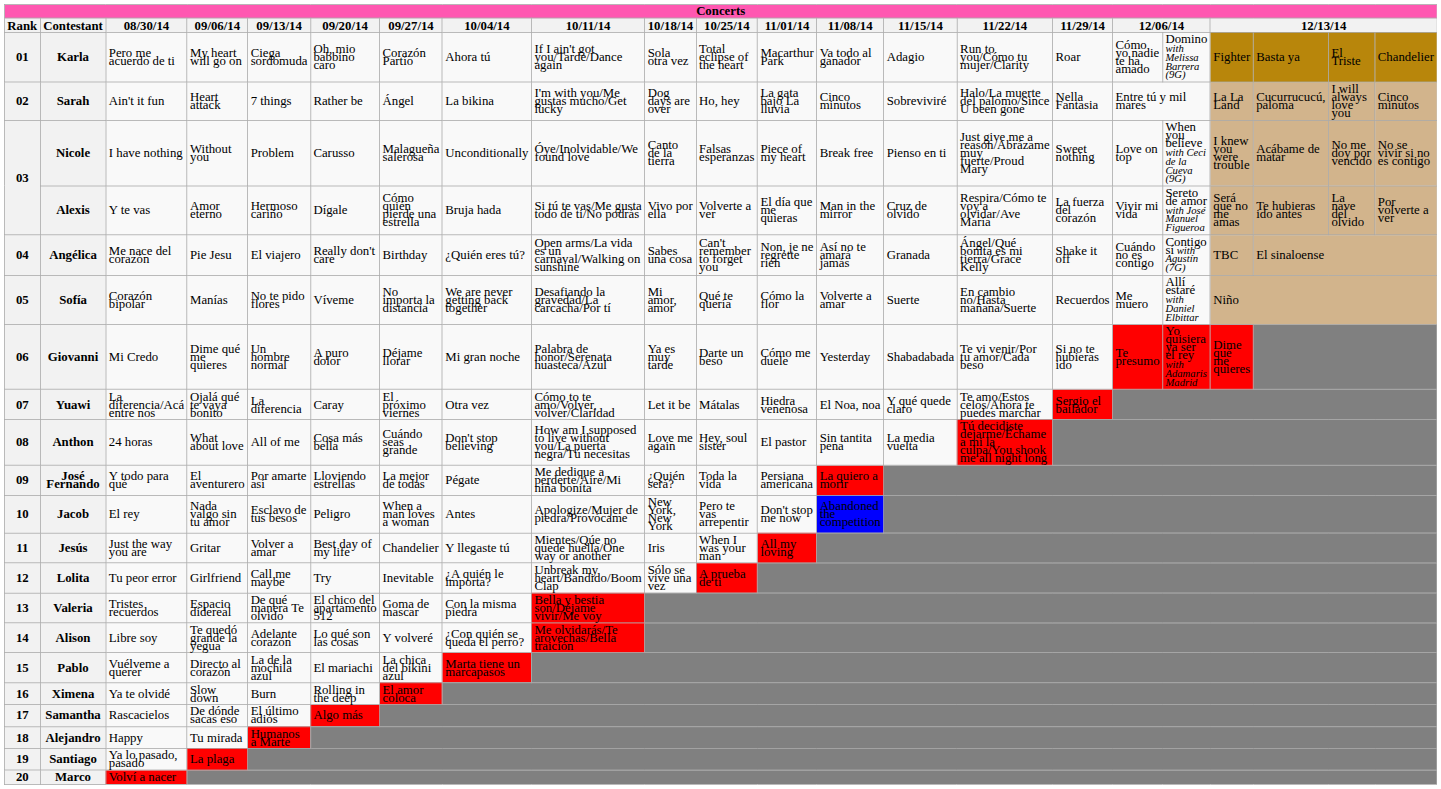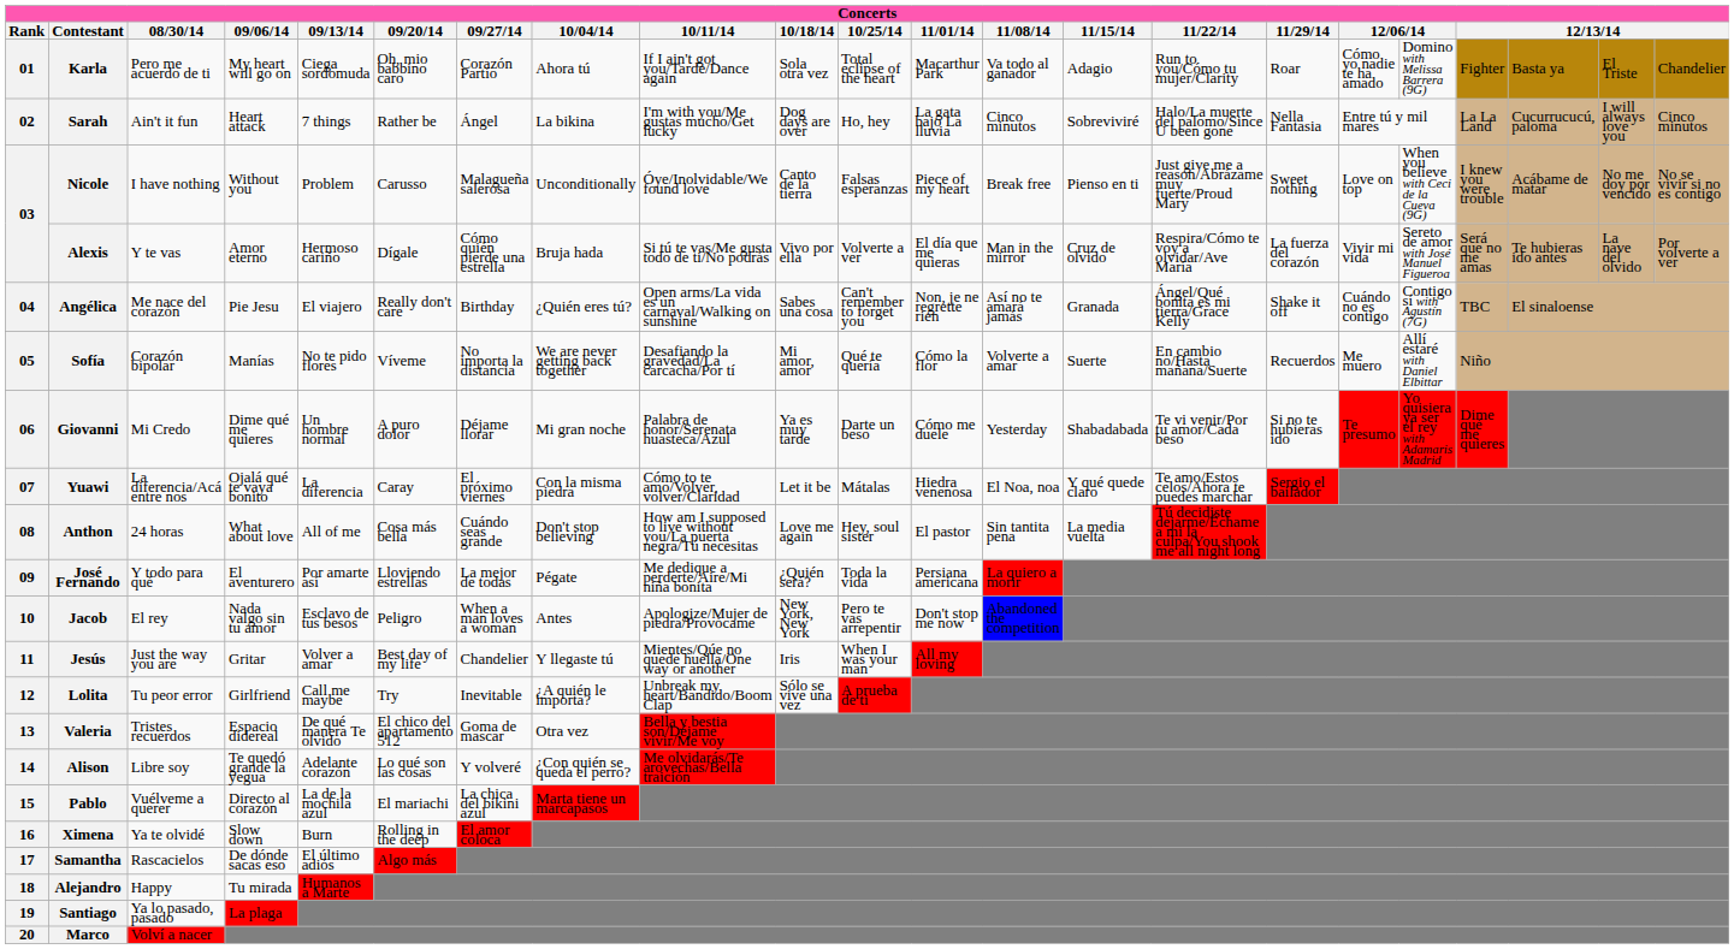 <table class="wikitable collapsible collapsed" style="text-align:left; line-height:10px; line-width:12px;">
 <tr>
 <th colspan="22" style="background:#FF57B1;">Concerts</th>
 </tr>
 <tr>
 <th>Rank</th>
 <th>Contestant</th>
 <th>08/30/14</th>
 <th>09/06/14</th>
 <th>09/13/14</th>
 <th>09/20/14</th>
 <th>09/27/14</th>
 <th>10/04/14</th>
 <th>10/11/14</th>
 <th>10/18/14</th>
 <th>10/25/14</th>
 <th>11/01/14</th>
 <th>11/08/14</th>
 <th>11/15/14</th>
 <th>11/22/14</th>
 <th>11/29/14</th>
 <th colspan="2">12/06/14</th>
 <th colspan="4">12/13/14</th>
 </tr>
 <tr>
 <th>01</th>
 <th>Karla</th>
 <td>Pero me acuerdo de ti</td>
 <td>My heart will go on</td>
 <td>Ciega sordomuda</td>
 <td>Oh, mio babbino caro</td>
 <td>Corazón Partío</td>
 <td>Ahora tú</td>
 <td>If I ain't got you/Tarde/Dance again</td>
 <td>Sola otra vez</td>
 <td>Total eclipse of the heart</td>
 <td>Macarthur Park</td>
 <td>Va todo al ganador</td>
 <td>Adagio</td>
 <td>Run to you/Cómo tu mujer/Clarity</td>
 <td>Roar</td>
 <td>Cómo yo nadie te ha amado</td>
 <td>Domino<small> <em>with Melissa Barrera (9G)</em></small></td>
 <td style="background:darkgoldenrod;">Fighter</td>
 <td style="background:darkgoldenrod;">Basta ya</td>
 <td style="background:darkgoldenrod;">El Triste</td>
 <td style="background:darkgoldenrod;">Chandelier</td>
 </tr>
 <tr>
 <th>02</th>
 <th>Sarah</th>
 <td>Ain't it fun</td>
 <td>Heart attack</td>
 <td>7 things</td>
 <td>Rather be</td>
 <td>Ángel</td>
 <td>La bikina</td>
 <td>I'm with you/Me gustas mucho/Get lucky</td>
 <td>Dog days are over</td>
 <td>Ho, hey</td>
 <td>La gata bajo La lluvia</td>
 <td>Cinco minutos</td>
 <td>Sobreviviré</td>
 <td>Halo/La muerte del palomo/Since U been gone</td>
 <td>Nella Fantasia</td>
 <td colspan="2">Entre tú y mil mares</td>
 <td style="background:Tan;">La La Land</td>
 <td style="background:Tan;">Cucurrucucú, paloma</td>
 <td style="background:Tan;">I will always love you</td>
 <td style="background:Tan;">Cinco minutos</td>
 </tr>
 <tr>
 <th rowspan=2>03</th>
 <th>Nicole</th>
 <td>I have nothing</td>
 <td>Without you</td>
 <td>Problem</td>
 <td>Carusso</td>
 <td>Malagueña salerosa</td>
 <td>Unconditionally</td>
 <td>Óye/Inolvidable/We found love</td>
 <td>Canto de la tierra</td>
 <td>Falsas esperanzas</td>
 <td>Piece of my heart</td>
 <td>Break free</td>
 <td>Pienso en ti</td>
 <td>Just give me a reason/Abrázame muy fuerte/Proud Mary</td>
 <td>Sweet nothing</td>
 <td>Love on top</td>
 <td>When you believe<small> <em>with Ceci de la Cueva (9G)</em></small></td>
 <td style="background:Tan;">I knew you were trouble</td>
 <td style="background:Tan;">Acábame de matar</td>
 <td style="background:Tan;">No me doy por vencido</td>
 <td style="background:Tan;">No se vivir si no es contigo</td>
 </tr>
 <tr>
 <th>Alexis</th>
 <td>Y te vas</td>
 <td>Amor eterno</td>
 <td>Hermoso cariño</td>
 <td>Dígale</td>
 <td>Cómo quién pierde una estrella</td>
 <td>Bruja hada</td>
 <td>Si tú te vas/Me gusta todo de ti/No podrás</td>
 <td>Vivo por ella</td>
 <td>Volverte a ver</td>
 <td>El día que me quieras</td>
 <td>Man in the mirror</td>
 <td>Cruz de olvido</td>
 <td>Respira/Cómo te voy a olvidar/Ave María</td>
 <td>La fuerza del corazón</td>
 <td>Vivir mi vida</td>
 <td>Sereto de amor<small> <em>with José Manuel Figueroa</em></small></td>
 <td style="background:Tan;">Será que no me amas</td>
 <td style="background:Tan;">Te hubieras ido antes</td>
 <td style="background:Tan;">La nave del olvido</td>
 <td style="background:Tan;">Por volverte a ver</td>
 </tr>
 <tr>
 <th>04</th>
 <th>Angélica</th>
 <td>Me nace del corazón</td>
 <td>Pie Jesu</td>
 <td>El viajero</td>
 <td>Really don't care</td>
 <td>Birthday</td>
 <td>¿Quién eres tú?</td>
 <td>Open arms/La vida es un carnaval/Walking on sunshine</td>
 <td>Sabes una cosa</td>
 <td>Can't remember to forget you</td>
 <td>Non, je ne regrette rien</td>
 <td>Así no te amará jamás</td>
 <td>Granada</td>
 <td>Ángel/Qué bonita es mi tierra/Grace Kelly</td>
 <td>Shake it off</td>
 <td>Cuándo no es contigo</td>
 <td>Contigo sí<small> <em>with Agustín (7G)</em></small></td>
 <td style="background:Tan;">TBC</td>
 <td style="background:Tan;" colspan="3">El sinaloense</td>
 </tr>
 <tr>
 <th>05</th>
 <th>Sofía</th>
 <td>Corazón bipolar</td>
 <td>Manías</td>
 <td>No te pido flores</td>
 <td>Víveme</td>
 <td>No importa la distancia</td>
 <td>We are never getting back together</td>
 <td>Desafiando la gravedad/La carcacha/Por tí</td>
 <td>Mi amor, amor</td>
 <td>Qué te quería</td>
 <td>Cómo la flor</td>
 <td>Volverte a amar</td>
 <td>Suerte</td>
 <td>En cambio no/Hasta mañana/Suerte</td>
 <td>Recuerdos</td>
 <td>Me muero</td>
 <td>Allí estaré<small> <em>with Daniel Elbittar</em></small></td>
 <td style="background:Tan;" colspan="4">Niño</td>
 </tr>
 <tr>
 <th>06</th>
 <th>Giovanni</th>
 <td>Mi Credo</td>
 <td>Dime qué me quieres</td>
 <td>Un hombre normal</td>
 <td>A puro dolor</td>
 <td>Déjame llorar</td>
 <td>Mi gran noche</td>
 <td>Palabra de honor/Serenata huasteca/Azul</td>
 <td>Ya es muy tarde</td>
 <td>Darte un beso</td>
 <td>Cómo me duele</td>
 <td>Yesterday</td>
 <td>Shabadabada</td>
 <td>Te vi venir/Por tu amor/Cada beso</td>
 <td>Si no te hubieras ido</td>
 <td style="background:red;">Te presumo</td>
 <td style="background:red;">Yo quisiera ya ser el rey<small> <em>with Adamaris Madrid</em></small></td>
 <td style="background:red;">Dime qué me quieres</td>
 <td style="background:gray;" colspan="20"></td>
 </tr>
 <tr>
 <th>07</th>
 <th>Yuawi</th>
 <td>La diferencia/Acá entre nos</td>
 <td>Ojalá qué te vaya bonito</td>
 <td>La diferencia</td>
 <td>Caray</td>
 <td>El próximo viernes</td>
-<td>Otra vez</td>
+<td>Con la misma piedra</td>
 <td>Cómo to te amo/Volver, volver/Claridad</td>
 <td>Let it be</td>
 <td>Mátalas</td>
 <td>Hiedra venenosa</td>
 <td>El Noa, noa</td>
 <td>Y qué quede claro</td>
 <td>Te amo/Estos celos/Ahora te puedes marchar</td>
 <td style="background:red;">Sergio el bailador</td>
 <td style="background:gray;" colspan="20"></td>
 </tr>
 <tr>
 <th>08</th>
 <th>Anthon</th>
 <td>24 horas</td>
 <td>What about love</td>
 <td>All of me</td>
 <td>Cosa más bella</td>
 <td>Cuándo seas grande</td>
 <td>Don't stop believing</td>
 <td>How am I supposed to live without you/La puerta negra/Tú necesitas</td>
 <td>Love me again</td>
 <td>Hey, soul sister</td>
 <td>El pastor</td>
 <td>Sin tantita pena</td>
 <td>La media vuelta</td>
 <td style="background:red;">Tú decidiste dejarme/Échame a mi la culpa/You shook me all night long</td>
 <td style="background:gray;" colspan="20"></td>
 </tr>
 <tr>
 <th>09</th>
 <th>José Fernando</th>
 <td>Y todo para qué</td>
 <td>El aventurero</td>
 <td>Por amarte así</td>
 <td>Lloviendo estrellas</td>
 <td>La mejor de todas</td>
 <td>Pégate</td>
 <td>Me dedique a perderte/Aire/Mi niña bonita</td>
 <td>¿Quién será?</td>
 <td>Toda la vida</td>
 <td>Persiana americana</td>
 <td style="background:red;">La quiero a morir</td>
 <td style="background:gray;" colspan="20"></td>
 </tr>
 <tr>
 <th>10</th>
 <th>Jacob</th>
 <td>El rey</td>
 <td>Nada valgo sin tu amor</td>
 <td>Esclavo de tus besos</td>
 <td>Peligro</td>
 <td>When a man loves a woman</td>
 <td>Antes</td>
 <td>Apologize/Mujer de piedra/Provócame</td>
 <td>New York, New York</td>
 <td>Pero te vas arrepentir</td>
 <td>Don't stop me now</td>
 <td style="background:blue;">Abandoned the competition</td>
 <td style="background:gray;" colspan="20"></td>
 </tr>
 <tr>
 <th>11</th>
 <th>Jesús</th>
 <td>Just the way you are</td>
 <td>Gritar</td>
 <td>Volver a amar</td>
 <td>Best day of my life</td>
 <td>Chandelier</td>
 <td>Y llegaste tú</td>
 <td>Mientes/Qúe no quede huella/One way or another</td>
 <td>Iris</td>
 <td>When I was your man</td>
 <td style="background:red;">All my loving</td>
 <td style="background:gray;" colspan="20"></td>
 </tr>
 <tr>
 <th>12</th>
 <th>Lolita</th>
 <td>Tu peor error</td>
 <td>Girlfriend</td>
 <td>Call me maybe</td>
 <td>Try</td>
 <td>Inevitable</td>
 <td>¿A quién le importa?</td>
 <td>Unbreak my heart/Bandido/Boom Clap</td>
 <td>Sólo se vive una vez</td>
 <td style="background:red;">A prueba de ti</td>
 <td style="background:gray;" colspan="20"></td>
 </tr>
 <tr>
 <th>13</th>
 <th>Valeria</th>
 <td>Tristes recuerdos</td>
 <td>Espacio didereal</td>
 <td>De qué manera Te olvido</td>
 <td>El chico del apartamento 512</td>
 <td>Goma de mascar</td>
-<td>Con la misma piedra</td>
+<td>Otra vez</td>
 <td style="background:red;">Bella y bestia son/Déjame vivir/Me voy</td>
 <td style="background:gray;" colspan="20"></td>
 </tr>
 <tr>
 <th>14</th>
 <th>Alison</th>
 <td>Libre soy</td>
 <td>Te quedó grande la yegua</td>
 <td>Adelante corazón</td>
 <td>Lo qué son las cosas</td>
 <td>Y volveré</td>
 <td>¿Con quién se queda el perro?</td>
 <td style="background:red;">Me olvidarás/Te arovechas/Bella traición</td>
 <td style="background:gray;" colspan="20"></td>
 </tr>
 <tr>
 <th>15</th>
 <th>Pablo</th>
 <td>Vuélveme a querer</td>
 <td>Directo al corazón</td>
 <td>La de la mochila azul</td>
 <td>El mariachi</td>
 <td>La chica del bikini azul</td>
 <td style="background:red;">Marta tiene un marcapasos</td>
 <td style="background:gray;" colspan="20"></td>
 </tr>
 <tr>
 <th>16</th>
 <th>Ximena</th>
 <td>Ya te olvidé</td>
 <td>Slow down</td>
 <td>Burn</td>
 <td>Rolling in the deep</td>
 <td style="background:red;">El amor coloca</td>
 <td style="background:gray;" colspan="20"></td>
 </tr>
 <tr>
 <th>17</th>
 <th>Samantha</th>
 <td>Rascacielos</td>
 <td>De dónde sacas eso</td>
 <td>El último adiós</td>
 <td style="background:red;">Algo más</td>
 <td style="background:gray;" colspan="20"></td>
 </tr>
 <tr>
 <th>18</th>
 <th>Alejandro</th>
 <td>Happy</td>
 <td>Tu mirada</td>
 <td style="background:red;">Humanos a Marte</td>
 <td style="background:gray;" colspan="20"></td>
 </tr>
 <tr>
 <th>19</th>
 <th>Santiago</th>
 <td>Ya lo pasado, pasado</td>
 <td style="background:red;">La plaga</td>
 <td style="background:gray;" colspan="20"></td>
 </tr>
 <tr>
 <th>20</th>
 <th>Marco</th>
 <td style="background:red;">Volví a nacer</td>
 <td style="background:gray;" colspan="20"></td>
 </tr>
 </table>
